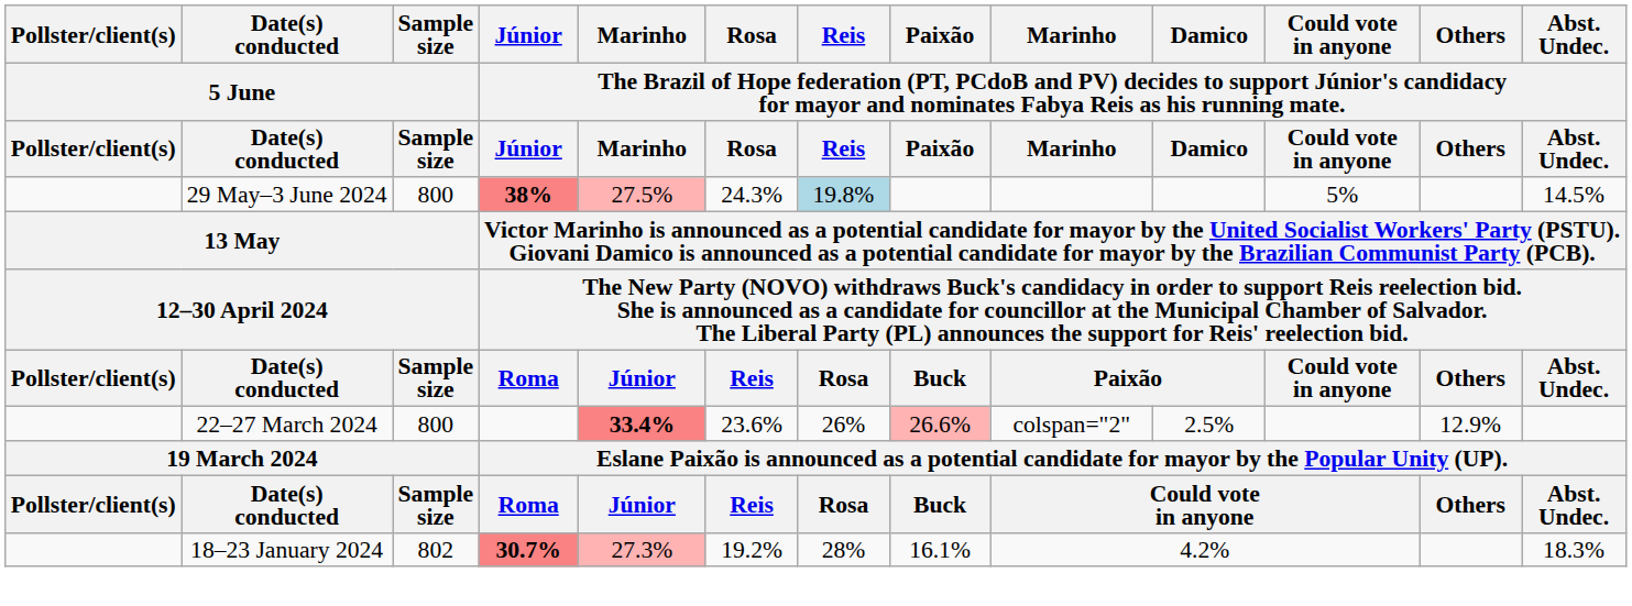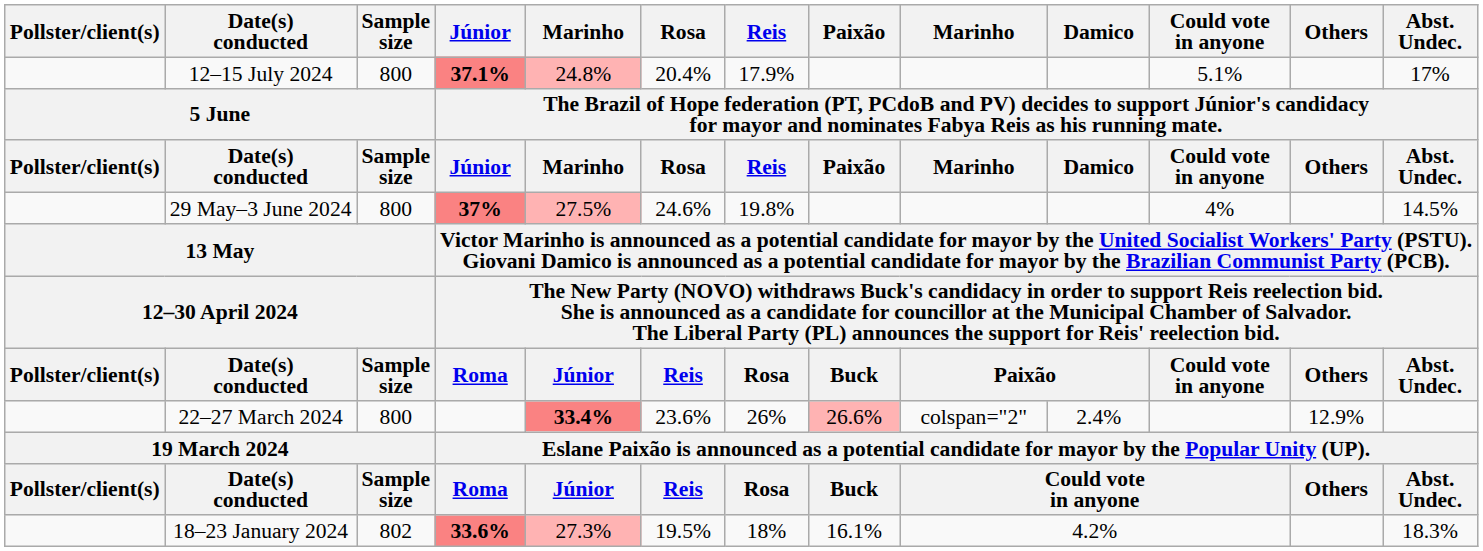 <table class="wikitable" style="text-align:center;font-size:90%;line-height:14px;">
 <tr>
 <th>Pollster/client(s)</th>
 <th>Date(s) <br>conducted</th>
 <th>Sample <br>size</th>
 <th><a href='#'>Júnior</a><br></th>
 <th>Marinho<br></th>
 <th>Rosa<br></th>
 <th><a href='#'>Reis</a><br></th>
 <th>Paixão<br></th>
 <th>Marinho<br></th>
 <th>Damico<br></th>
 <th>Could vote<br>in anyone</th>
 <th>Others</th>
 <th>Abst.<br>Undec.</th>
+</tr>
+<tr>
+<td></td>
+<td>12–15 July 2024</td>
+<td>800</td>
+<td style="background:#fa8282;"><strong>37.1%</strong></td>
+<td style="background:#ffb3b3;">24.8%</td>
+<td>20.4%</td>
+<td>17.9%</td>
+<td></td>
+<td></td>
+<td></td>
+<td>5.1%</td>
+<td></td>
+<td>17%</td>
 </tr>
 <tr>
 <th colspan="3">5 June</th>
 <th colspan="10">The Brazil of Hope federation (PT, PCdoB and PV) decides to support Júnior's candidacy<br>for mayor and nominates Fabya Reis as his running mate.</th>
 </tr>
 <tr>
 <th>Pollster/client(s)</th>
 <th>Date(s) <br>conducted</th>
 <th>Sample <br>size</th>
 <th><a href='#'>Júnior</a><br></th>
 <th>Marinho<br></th>
 <th>Rosa<br></th>
 <th><a href='#'>Reis</a><br></th>
 <th>Paixão<br></th>
 <th>Marinho<br></th>
 <th>Damico<br></th>
 <th>Could vote<br>in anyone</th>
 <th>Others</th>
 <th>Abst.<br>Undec.</th>
 </tr>
 <tr>
 <td></td>
 <td>29 May–3 June 2024</td>
 <td>800</td>
-<td style="background:#fa8282;"><strong>38%</strong></td>
+<td style="background:#fa8282;"><strong>37%</strong></td>
 <td style="background:#ffb3b3;">27.5%</td>
-<td>24.3%</td>
-<td style="background: lightblue;">19.8%</td>
+<td>24.6%</td>
+<td>19.8%</td>
 <td></td>
 <td></td>
 <td></td>
-<td>5%</td>
+<td>4%</td>
 <td></td>
 <td>14.5%</td>
 </tr>
 <tr>
 <th colspan="3">13 May</th>
 <th colspan="10">Victor Marinho is announced as a potential candidate for mayor by the <a href='#'>United Socialist Workers' Party</a> (PSTU).<br>Giovani Damico is announced as a potential candidate for mayor by the <a href='#'>Brazilian Communist Party</a> (PCB).</th>
 </tr>
 <tr>
 <th colspan="3">12–30 April 2024</th>
 <th colspan="10">The New Party (NOVO) withdraws Buck's candidacy in order to support Reis reelection bid.<br>She is announced as a candidate for councillor at the Municipal Chamber of Salvador.<br>The Liberal Party (PL) announces the support for Reis' reelection bid.</th>
 </tr>
 <tr>
 <th>Pollster/client(s)</th>
 <th>Date(s) <br>conducted</th>
 <th>Sample <br>size</th>
 <th><a href='#'>Roma</a><br></th>
 <th><a href='#'>Júnior</a><br></th>
 <th><a href='#'>Reis</a><br></th>
 <th>Rosa<br></th>
 <th>Buck<br></th>
 <th colspan="2">Paixão<br></th>
 <th>Could vote<br>in anyone</th>
 <th>Others</th>
 <th>Abst.<br>Undec.</th>
 </tr>
 <tr>
 <td></td>
 <td>22–27 March 2024</td>
 <td>800</td>
 <td></td>
 <td style="background:#fa8282;"><strong>33.4%</strong></td>
 <td>23.6%</td>
 <td>26%</td>
 <td style="background:#ffb3b3;">26.6%</td>
 <td>colspan="2" </td>
-<td>2.5%</td>
+<td>2.4%</td>
 <td></td>
 <td>12.9%</td>
 </tr>
 <tr>
 <th colspan="3">19 March 2024</th>
 <th colspan="10">Eslane Paixão is announced as a potential candidate for mayor by the <a href='#'>Popular Unity</a> (UP).</th>
 </tr>
 <tr>
 <th>Pollster/client(s)</th>
 <th>Date(s) <br>conducted</th>
 <th>Sample <br>size</th>
 <th><a href='#'>Roma</a><br></th>
 <th><a href='#'>Júnior</a><br></th>
 <th><a href='#'>Reis</a><br></th>
 <th>Rosa<br></th>
 <th>Buck<br></th>
 <th colspan="3">Could vote<br>in anyone</th>
 <th>Others</th>
 <th>Abst.<br>Undec.</th>
 </tr>
 <tr>
 <td></td>
 <td>18–23 January 2024</td>
 <td>802</td>
-<td style="background:#fa8282;"><strong>30.7%</strong></td>
+<td style="background:#fa8282;"><strong>33.6%</strong></td>
 <td style="background:#ffb3b3;">27.3%</td>
-<td>19.2%</td>
-<td>28%</td>
+<td>19.5%</td>
+<td>18%</td>
 <td>16.1%</td>
 <td colspan="3">4.2%</td>
 <td></td>
 <td>18.3%</td>
 </tr>
 </table>
